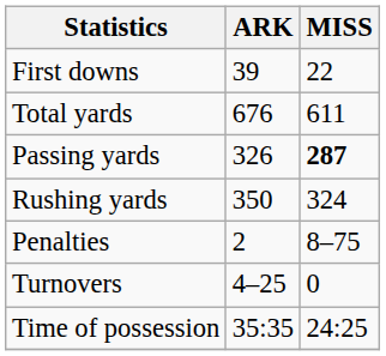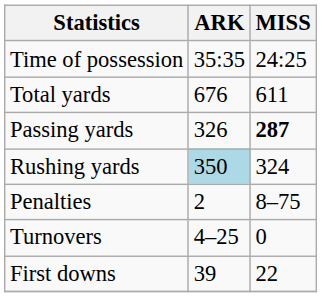 <table class="wikitable" style="float: left;">
 <tr>
 <th>Statistics</th>
 <th>ARK</th>
 <th>MISS</th>
 </tr>
 <tr>
-<td>First downs</td>
-<td>39</td>
-<td>22</td>
+<td>Time of possession</td>
+<td>35:35</td>
+<td>24:25</td>
 </tr>
 <tr>
 <td>Total yards</td>
 <td>676</td>
 <td>611</td>
 </tr>
 <tr>
 <td>Passing yards</td>
 <td>326</td>
 <td><strong>287</strong></td>
 </tr>
 <tr>
 <td>Rushing yards</td>
-<td>350</td>
+<td style="background: lightblue;">350</td>
 <td>324</td>
 </tr>
 <tr>
 <td>Penalties</td>
 <td>2</td>
 <td>8–75</td>
 </tr>
 <tr>
 <td>Turnovers</td>
 <td>4–25</td>
 <td>0</td>
 </tr>
 <tr>
-<td>Time of possession</td>
-<td>35:35</td>
-<td>24:25</td>
+<td>First downs</td>
+<td>39</td>
+<td>22</td>
 </tr>
 <tr>
 </tr>
 </table>
